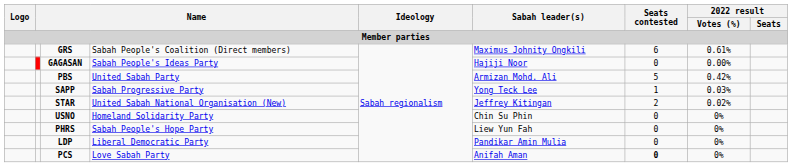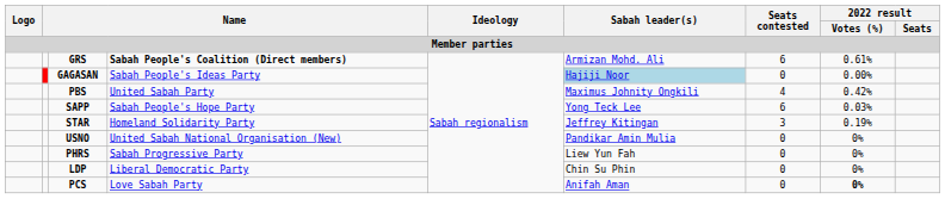 <table class="wikitable" style="width:100%;">
 <tr>
 <th rowspan="2">Logo</th>
 <th colspan="3" rowspan="2">Name</th>
 <th rowspan="2">Ideology</th>
 <th rowspan="2">Sabah leader(s)</th>
 <th rowspan="2">Seats<br>contested</th>
 <th colspan="2">2022 result</th>
 </tr>
 <tr>
 <th>Votes (%)</th>
 <th>Seats</th>
 </tr>
 <tr>
 <td colspan="10" style="text-align:center; background:lightgrey;"><strong>Member parties</strong></td>
 </tr>
 <tr>
 <td></td>
 <td style="background:"></td>
 <td style="text-align:center;"><strong>GRS</strong></td>
-<td>Sabah People's Coalition (Direct members)<br></td>
+<td><strong>Sabah People's Coalition (Direct members)<br></strong></td>
 <td rowspan="9"><a href='#'>Sabah regionalism</a></td>
-<td><a href='#'>Maximus Johnity Ongkili</a></td>
+<td><a href='#'>Armizan Mohd. Ali</a></td>
 <td style="text-align:center;">6</td>
 <td style="text-align:center;">0.61%</td>
 <td></td>
 </tr>
 <tr>
 <td></td>
 <td style="background:red;"></td>
 <td style="text-align:center;"><strong>GAGASAN</strong></td>
 <td><a href='#'>Sabah People's Ideas Party</a><br></td>
-<td><a href='#'>Hajiji Noor</a></td>
+<td style="background: lightblue;"><a href='#'>Hajiji Noor</a></td>
 <td style="text-align:center;">0</td>
 <td style="text-align:center;">0.00%</td>
 <td></td>
 </tr>
 <tr>
 <td></td>
 <td style="background:"></td>
 <td style="text-align:center;"><strong>PBS</strong></td>
 <td><a href='#'>United Sabah Party</a><br></td>
-<td><a href='#'>Armizan Mohd. Ali</a></td>
-<td style="text-align:center;">5</td>
+<td><a href='#'>Maximus Johnity Ongkili</a></td>
+<td style="text-align:center;">4</td>
 <td style="text-align:center;">0.42%</td>
 <td></td>
 </tr>
 <tr>
 <td></td>
 <td style="background:"></td>
 <td style="text-align:center;"><strong>SAPP</strong></td>
-<td><a href='#'>Sabah Progressive Party</a><br></td>
+<td><a href='#'>Sabah People's Hope Party</a><br></td>
 <td><a href='#'>Yong Teck Lee</a></td>
-<td style="text-align:center;">1</td>
+<td style="text-align:center;">6</td>
 <td style="text-align:center;">0.03%</td>
 <td></td>
 </tr>
 <tr>
 <td></td>
 <td style="background:"></td>
 <td style="text-align:center;"><strong>STAR</strong></td>
-<td><a href='#'>United Sabah National Organisation (New)</a><br></td>
+<td><a href='#'>Homeland Solidarity Party</a><br></td>
 <td><a href='#'>Jeffrey Kitingan</a></td>
-<td style="text-align:center;">2</td>
-<td style="text-align:center;">0.02%</td>
+<td style="text-align:center;">3</td>
+<td style="text-align:center;">0.19%</td>
 <td></td>
 </tr>
 <tr>
 <td></td>
 <td style="background: "></td>
 <td style="text-align:center;"><strong>USNO</strong></td>
-<td><a href='#'>Homeland Solidarity Party</a><br></td>
-<td>Chin Su Phin</td>
+<td><a href='#'>United Sabah National Organisation (New)</a><br></td>
+<td><a href='#'>Pandikar Amin Mulia</a></td>
 <td style="text-align:center;">0</td>
 <td style="text-align:center;">0%</td>
 <td></td>
 </tr>
 <tr>
 <td></td>
 <td style="background: "></td>
 <td style="text-align:center;"><strong>PHRS</strong></td>
-<td><a href='#'>Sabah People's Hope Party</a><br></td>
+<td><a href='#'>Sabah Progressive Party</a><br></td>
 <td>Liew Yun Fah</td>
 <td style="text-align:center;">0</td>
 <td style="text-align:center;">0%</td>
 <td></td>
 </tr>
 <tr>
 <td></td>
 <td style="background: "></td>
 <td style="text-align:center;"><strong>LDP</strong></td>
 <td><a href='#'>Liberal Democratic Party</a><br></td>
-<td><a href='#'>Pandikar Amin Mulia</a></td>
+<td>Chin Su Phin</td>
 <td style="text-align:center;">0</td>
 <td style="text-align:center;">0%</td>
 <td></td>
 </tr>
 <tr>
 <td></td>
 <td style="background: "></td>
 <td style="text-align:center;"><strong>PCS</strong></td>
 <td><a href='#'>Love Sabah Party</a><br></td>
 <td><a href='#'>Anifah Aman</a></td>
-<td style="text-align:center;"><strong>0</strong></td>
-<td style="text-align:center;">0%</td>
+<td style="text-align:center;">0</td>
+<td style="text-align:center;"><strong>0%</strong></td>
 <td></td>
 </tr>
 </table>
